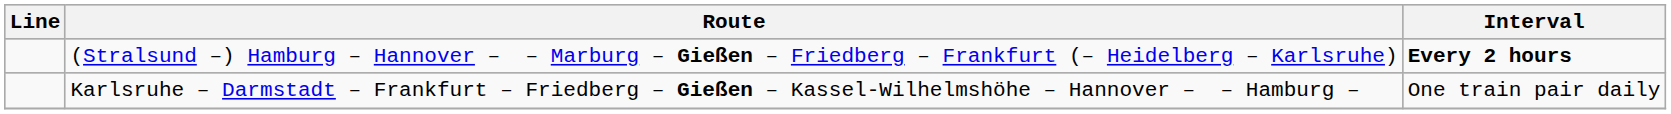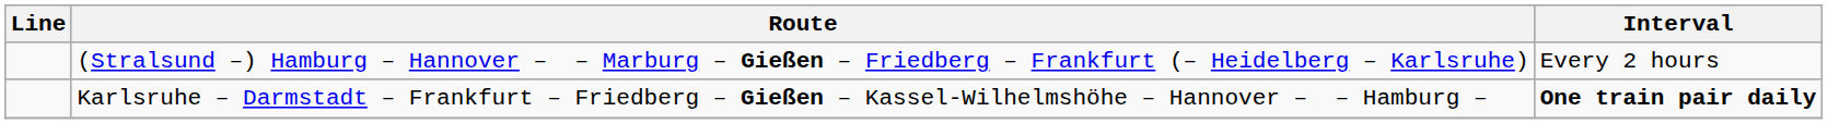 <table class="wikitable">
 <tr class="hintergrundfarbe5">
 <th>Line</th>
 <th>Route</th>
 <th>Interval</th>
 </tr>
 <tr>
 <td></td>
 <td>(<a href='#'>Stralsund</a> –) <a href='#'>Hamburg</a> – <a href='#'>Hannover</a> –  – <a href='#'>Marburg</a> – <strong>Gießen</strong> – <a href='#'>Friedberg</a> – <a href='#'>Frankfurt</a> (– <a href='#'>Heidelberg</a> – <a href='#'>Karlsruhe</a>)</td>
-<td><strong>Every 2 hours</strong></td>
+<td>Every 2 hours</td>
 </tr>
 <tr>
 <td></td>
 <td>Karlsruhe – <a href='#'>Darmstadt</a> – Frankfurt – Friedberg – <strong>Gießen</strong> – Kassel-Wilhelmshöhe – Hannover –  – Hamburg – </td>
-<td>One train pair daily</td>
+<td><strong>One train pair daily</strong></td>
 </tr>
 <tr>
 </tr>
 </table>
